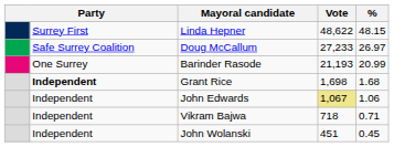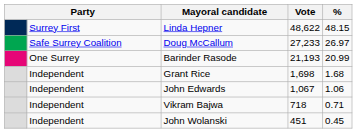 <table class="wikitable">
 <tr>
 <th bgcolor="#DDDDFF" width="250px" colspan="2">Party</th>
 <th bgcolor="#DDDDFF" width="200px">Mayoral candidate</th>
 <th bgcolor="#DDDDFF" width="50px">Vote</th>
 <th bgcolor="#DDDDFF" width="30px">%</th>
 </tr>
 <tr>
 <td style="background:#002957;" width="30px"> </td>
 <td><a href='#'>Surrey First</a></td>
 <td><a href='#'>Linda Hepner</a></td>
 <td>48,622</td>
 <td>48.15</td>
 </tr>
 <tr>
 <td style="background:#00A650;" width="30px"> </td>
 <td><a href='#'>Safe Surrey Coalition</a></td>
 <td><a href='#'>Doug McCallum</a></td>
 <td>27,233</td>
 <td>26.97</td>
 </tr>
 <tr>
 <td style="background:#E60677;" width="30px"> </td>
 <td>One Surrey</td>
 <td>Barinder Rasode</td>
 <td>21,193</td>
 <td>20.99</td>
 </tr>
 <tr>
 <td style="background:gainsboro" width="30px"> </td>
-<td><strong>Independent</strong></td>
+<td>Independent</td>
 <td>Grant Rice</td>
 <td>1,698</td>
 <td>1.68</td>
 </tr>
 <tr>
 <td style="background:gainsboro" width="30px"> </td>
 <td>Independent</td>
 <td>John Edwards</td>
-<td style="background: khaki;">1,067</td>
+<td>1,067</td>
 <td>1.06</td>
 </tr>
 <tr>
 <td style="background:gainsboro" width="30px"> </td>
 <td>Independent</td>
 <td>Vikram Bajwa</td>
 <td>718</td>
 <td>0.71</td>
 </tr>
 <tr>
 <td style="background:gainsboro" width="30px"> </td>
 <td>Independent</td>
 <td>John Wolanski</td>
 <td>451</td>
 <td>0.45</td>
 </tr>
 </table>
